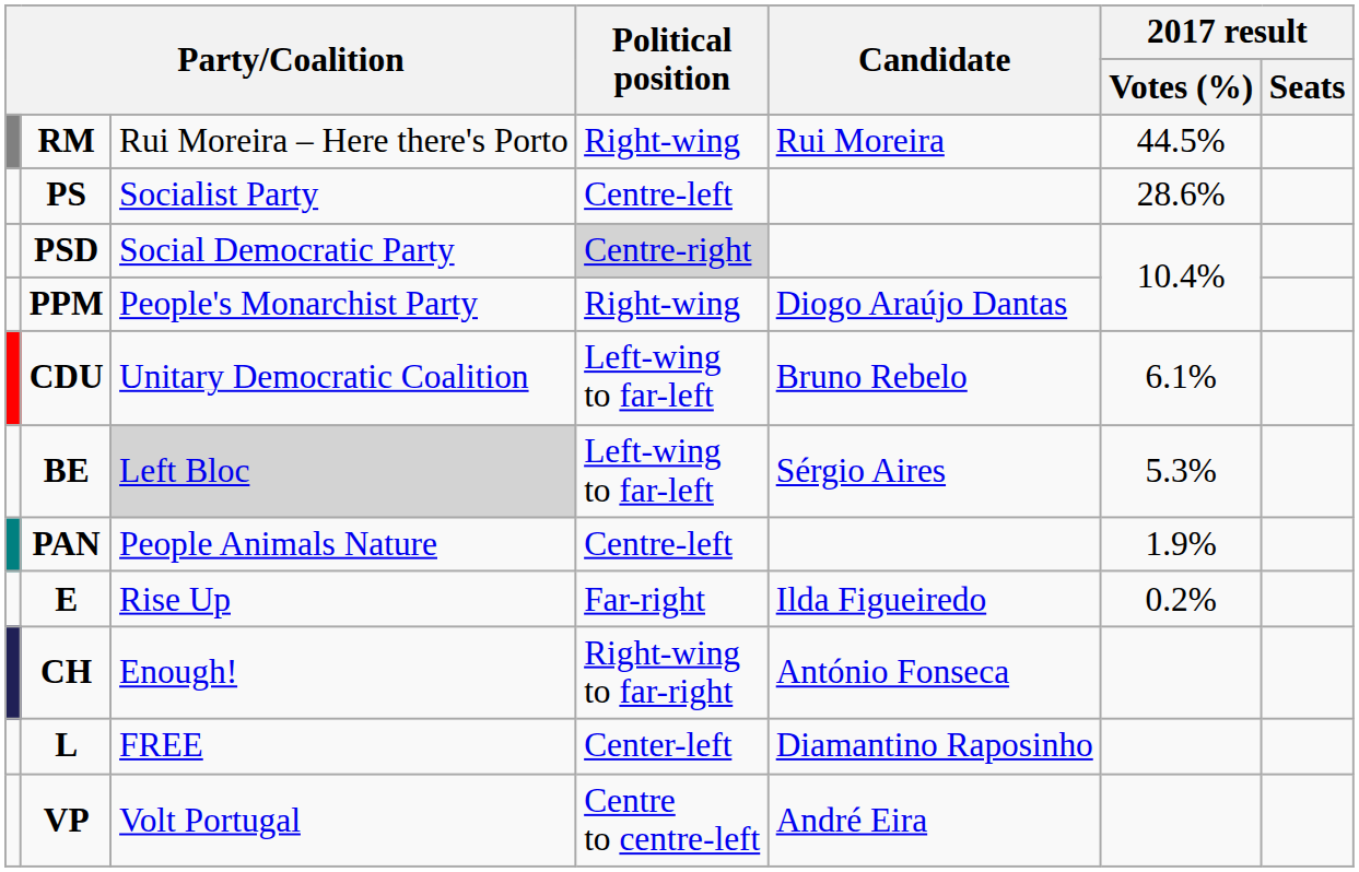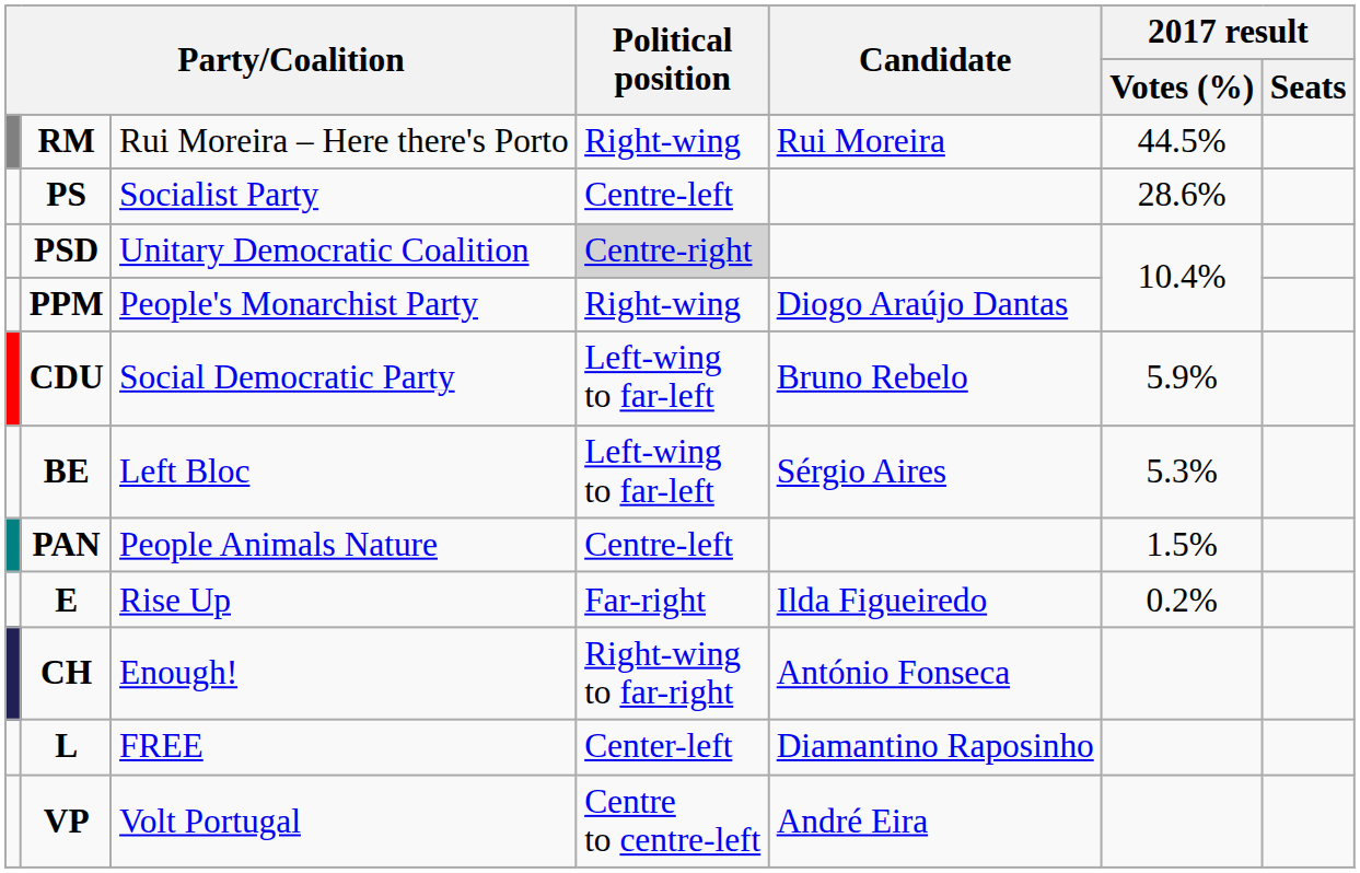 <table class="wikitable">
 <tr>
 <th rowspan="2" colspan="3">Party/Coalition</th>
 <th rowspan="2">Political<br>position</th>
 <th rowspan="2">Candidate</th>
 <th colspan="2">2017 result</th>
 </tr>
 <tr>
 <th>Votes (%)</th>
 <th>Seats</th>
 </tr>
 <tr>
 <td style="background:gray;"></td>
 <td style="text-align:center;"><strong>RM</strong></td>
 <td>Rui Moreira – Here there's Porto<br></td>
 <td><a href='#'>Right-wing</a></td>
 <td><a href='#'>Rui Moreira</a></td>
 <td style="text-align:center;">44.5%</td>
 <td></td>
 </tr>
 <tr>
 <td style="color:inherit;background:"></td>
 <td style="text-align:center;"><strong>PS</strong></td>
 <td><a href='#'>Socialist Party</a><br></td>
 <td><a href='#'>Centre-left</a></td>
 <td></td>
 <td style="text-align:center;">28.6%</td>
 <td></td>
 </tr>
 <tr>
 <td style="color:inherit;background:"></td>
 <td style="text-align:center;"><strong>PSD</strong></td>
-<td><a href='#'>Social Democratic Party</a><br></td>
+<td><a href='#'>Unitary Democratic Coalition</a><br> </td>
 <td style="background: lightgrey;"><a href='#'>Centre-right</a></td>
 <td></td>
 <td rowspan=2 style="text-align:center;">10.4%</td>
 <td></td>
 </tr>
 <tr>
 <td style="color:inherit;background:"></td>
 <td style="text-align:center;"><strong>PPM</strong></td>
 <td><a href='#'>People's Monarchist Party</a><br></td>
 <td><a href='#'>Right-wing</a></td>
 <td><a href='#'>Diogo Araújo Dantas</a></td>
 <td></td>
 </tr>
 <tr>
 <td style="background:#f00;"></td>
 <td style="text-align:center;"><strong>CDU</strong></td>
-<td><a href='#'>Unitary Democratic Coalition</a><br> </td>
+<td><a href='#'>Social Democratic Party</a><br></td>
 <td><a href='#'>Left-wing</a><br>to <a href='#'>far-left</a></td>
 <td><a href='#'>Bruno Rebelo</a></td>
-<td style="text-align:center;">6.1%</td>
+<td style="text-align:center;">5.9%</td>
 <td></td>
 </tr>
 <tr>
 <td style="color:inherit;background:"></td>
 <td style="text-align:center;"><strong>BE</strong></td>
-<td style="background: lightgrey;"><a href='#'>Left Bloc</a><br></td>
+<td><a href='#'>Left Bloc</a><br></td>
 <td><a href='#'>Left-wing</a><br>to <a href='#'>far-left</a></td>
 <td><a href='#'>Sérgio Aires</a></td>
 <td style="text-align:center;">5.3%</td>
 <td></td>
 </tr>
 <tr>
 <td style="background:teal;"></td>
 <td style="text-align:center;"><strong>PAN</strong></td>
 <td><a href='#'>People Animals Nature</a><br></td>
 <td><a href='#'>Centre-left</a></td>
 <td></td>
-<td style="text-align:center;">1.9%</td>
+<td style="text-align:center;">1.5%</td>
 <td></td>
 </tr>
 <tr>
 <td style="color:inherit;background:"></td>
 <td style="text-align:center;"><strong>E</strong></td>
 <td><a href='#'>Rise Up</a><br></td>
 <td><a href='#'>Far-right</a></td>
 <td><a href='#'>Ilda Figueiredo</a></td>
 <td style="text-align:center;">0.2%</td>
 <td></td>
 </tr>
 <tr>
 <td style="background:#202056;"></td>
 <td style="text-align:center;"><strong>CH</strong></td>
 <td><a href='#'>Enough!</a><br></td>
 <td><a href='#'>Right-wing</a><br>to <a href='#'>far-right</a></td>
 <td><a href='#'>António Fonseca</a></td>
 <td></td>
 <td></td>
 </tr>
 <tr>
 <td style="color:inherit;background:"></td>
 <td style="text-align:center;"><strong>L</strong></td>
 <td><a href='#'>FREE</a><br></td>
 <td><a href='#'>Center-left</a></td>
 <td><a href='#'>Diamantino Raposinho</a></td>
 <td></td>
 <td></td>
 </tr>
 <tr>
 <td style="color:inherit;background:"></td>
 <td style="text-align:center;"><strong>VP</strong></td>
 <td><a href='#'>Volt Portugal</a><br></td>
 <td><a href='#'>Centre</a><br> to <a href='#'>centre-left</a></td>
 <td><a href='#'>André Eira</a></td>
 <td></td>
 <td></td>
 </tr>
 </table>
